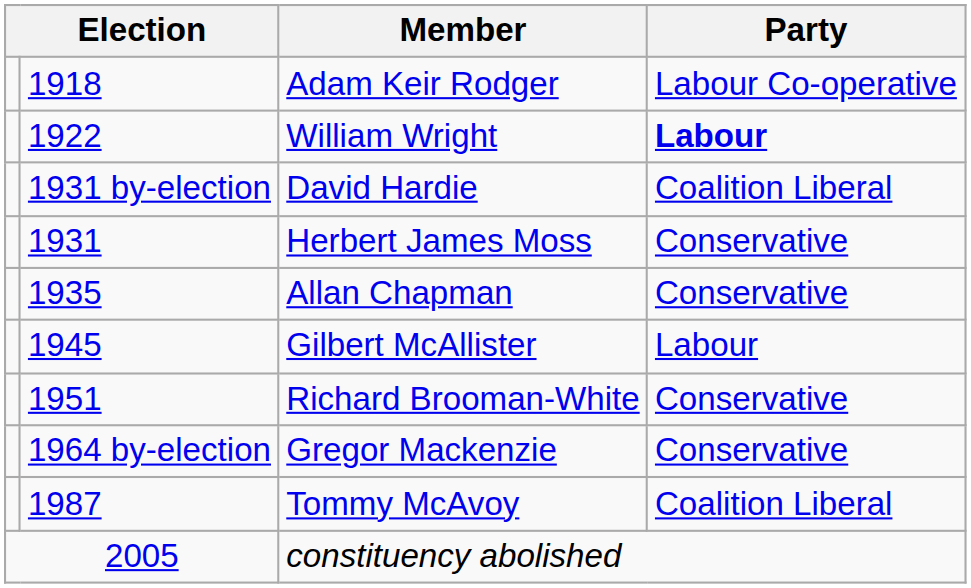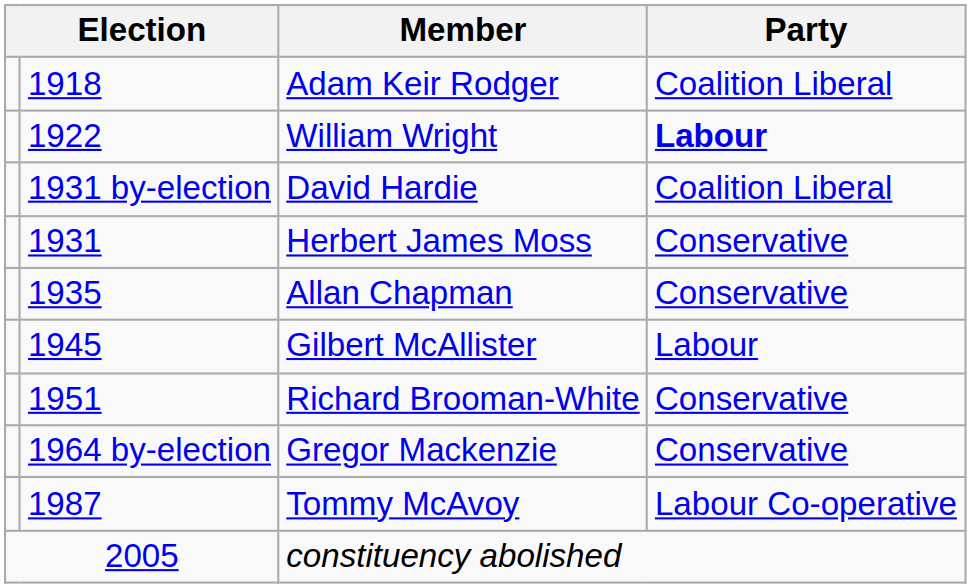 <table class="wikitable">
 <tr>
 <th colspan="2">Election</th>
 <th>Member</th>
 <th>Party</th>
 </tr>
 <tr>
 <td style="color:inherit;background-color: "></td>
 <td><a href='#'>1918</a></td>
 <td><a href='#'>Adam Keir Rodger</a></td>
-<td><a href='#'>Labour Co-operative</a></td>
+<td><a href='#'>Coalition Liberal</a></td>
 </tr>
 <tr>
 <td style="color:inherit;background-color: "></td>
 <td><a href='#'>1922</a></td>
 <td><a href='#'>William Wright</a></td>
 <td><strong><a href='#'>Labour</a></strong></td>
 </tr>
 <tr>
 <td style="color:inherit;background-color: "></td>
 <td><a href='#'>1931 by-election</a></td>
 <td><a href='#'>David Hardie</a></td>
 <td><a href='#'>Coalition Liberal</a></td>
 </tr>
 <tr>
 <td style="color:inherit;background-color: "></td>
 <td><a href='#'>1931</a></td>
 <td><a href='#'>Herbert James Moss</a></td>
 <td><a href='#'>Conservative</a></td>
 </tr>
 <tr>
 <td style="color:inherit;background-color: "></td>
 <td><a href='#'>1935</a></td>
 <td><a href='#'>Allan Chapman</a></td>
 <td><a href='#'>Conservative</a></td>
 </tr>
 <tr>
 <td style="color:inherit;background-color: "></td>
 <td><a href='#'>1945</a></td>
 <td><a href='#'>Gilbert McAllister</a></td>
 <td><a href='#'>Labour</a></td>
 </tr>
 <tr>
 <td style="color:inherit;background-color: "></td>
 <td><a href='#'>1951</a></td>
 <td><a href='#'>Richard Brooman-White</a></td>
 <td><a href='#'>Conservative</a></td>
 </tr>
 <tr>
 <td style="color:inherit;background-color: "></td>
 <td><a href='#'>1964 by-election</a></td>
 <td><a href='#'>Gregor Mackenzie</a></td>
 <td><a href='#'>Conservative</a></td>
 </tr>
 <tr>
 <td style="color:inherit;background-color: "></td>
 <td><a href='#'>1987</a></td>
 <td><a href='#'>Tommy McAvoy</a></td>
-<td><a href='#'>Coalition Liberal</a></td>
+<td><a href='#'>Labour Co-operative</a></td>
 </tr>
 <tr>
 <td colspan="2" align="center"><a href='#'>2005</a></td>
 <td colspan="2"><em>constituency abolished</em></td>
 </tr>
 </table>
